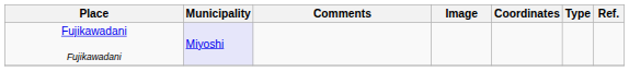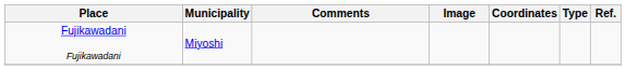 <table class="wikitable sortable"  style="width:100%;">
 <tr>
 <th width="30%" align="left">Place</th>
 <th width="10%" align="left">Municipality</th>
 <th width="30%" align="left" class="unsortable">Comments</th>
 <th width="10%" align="left"  class="unsortable">Image</th>
 <th width="10%" align="left" class="unsortable">Coordinates</th>
 <th width="5%" align="left">Type</th>
 <th width="5%" align="left"  class="unsortable">Ref.</th>
 </tr>
 <tr>
 <td align="center"><a href='#'>Fujikawadani</a><br><br><small><em>Fujikawadani</em></small></td>
-<td style="background: lavender;"><a href='#'>Miyoshi</a></td>
+<td><a href='#'>Miyoshi</a></td>
 <td></td>
 <td></td>
 <td></td>
 <td></td>
 <td></td>
 </tr>
 <tr>
 </tr>
 </table>
